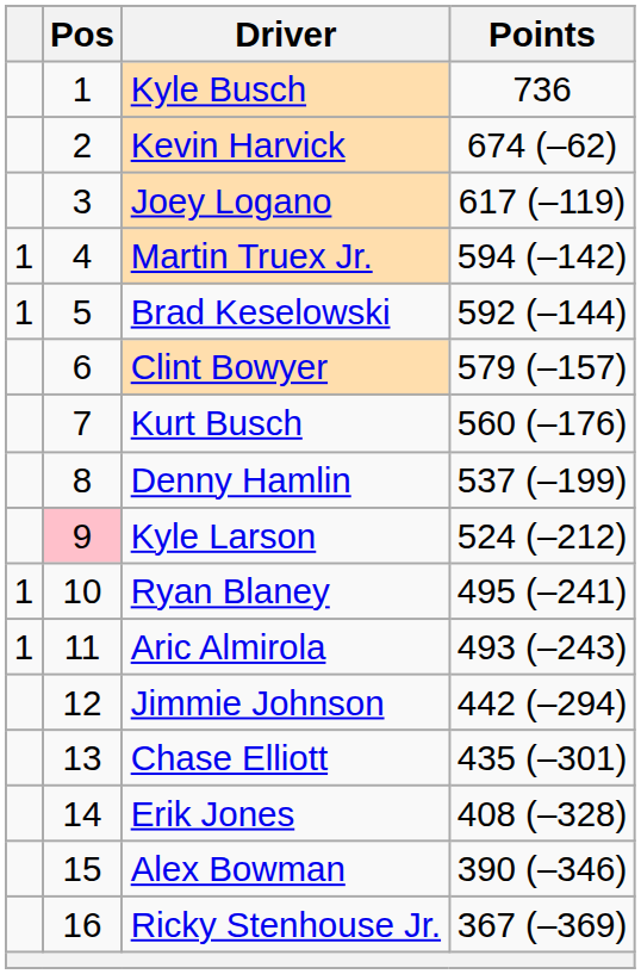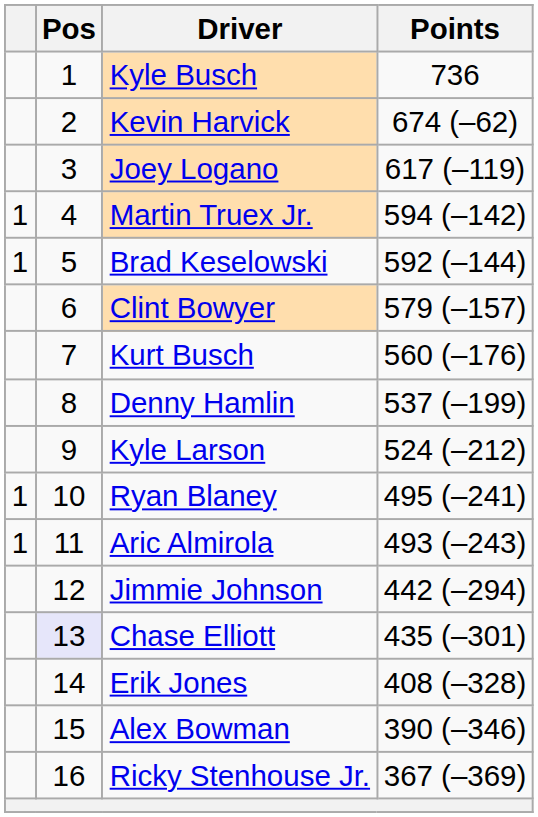 <table class="wikitable" style="font-size: 95%;">
 <tr>
 <th></th>
 <th>Pos</th>
 <th>Driver</th>
 <th>Points</th>
 </tr>
 <tr>
 <td align="left"></td>
 <td style="text-align:center;">1</td>
 <td style="background:#FFDEAD;"><a href='#'>Kyle Busch</a></td>
 <td style="text-align:center;">736</td>
 </tr>
 <tr>
 <td align="left"></td>
 <td style="text-align:center;">2</td>
 <td style="background:#FFDEAD;"><a href='#'>Kevin Harvick</a></td>
 <td style="text-align:center;">674 (–62)</td>
 </tr>
 <tr>
 <td align="left"></td>
 <td style="text-align:center;">3</td>
 <td style="background:#FFDEAD;"><a href='#'>Joey Logano</a></td>
 <td style="text-align:center;">617 (–119)</td>
 </tr>
 <tr>
 <td align="left"> 1</td>
 <td style="text-align:center;">4</td>
 <td style="background:#FFDEAD;"><a href='#'>Martin Truex Jr.</a></td>
 <td style="text-align:center;">594 (–142)</td>
 </tr>
 <tr>
 <td align="left"> 1</td>
 <td style="text-align:center;">5</td>
 <td><a href='#'>Brad Keselowski</a></td>
 <td style="text-align:center;">592 (–144)</td>
 </tr>
 <tr>
 <td align="left"></td>
 <td style="text-align:center;">6</td>
 <td style="background:#FFDEAD;"><a href='#'>Clint Bowyer</a></td>
 <td style="text-align:center;">579 (–157)</td>
 </tr>
 <tr>
 <td align="left"></td>
 <td style="text-align:center;">7</td>
 <td><a href='#'>Kurt Busch</a></td>
 <td style="text-align:center;">560 (–176)</td>
 </tr>
 <tr>
 <td align="left"></td>
 <td style="text-align:center;">8</td>
 <td><a href='#'>Denny Hamlin</a></td>
 <td style="text-align:center;">537 (–199)</td>
 </tr>
 <tr>
 <td align="left"></td>
-<td style="background: pink; text-align:center;">9</td>
+<td style="text-align:center;">9</td>
 <td><a href='#'>Kyle Larson</a></td>
 <td style="text-align:center;">524 (–212)</td>
 </tr>
 <tr>
 <td align="left"> 1</td>
 <td style="text-align:center;">10</td>
 <td><a href='#'>Ryan Blaney</a></td>
 <td style="text-align:center;">495 (–241)</td>
 </tr>
 <tr>
 <td align="left"> 1</td>
 <td style="text-align:center;">11</td>
 <td><a href='#'>Aric Almirola</a></td>
 <td style="text-align:center;">493 (–243)</td>
 </tr>
 <tr>
 <td align="left"></td>
 <td style="text-align:center;">12</td>
 <td><a href='#'>Jimmie Johnson</a></td>
 <td style="text-align:center;">442 (–294)</td>
 </tr>
 <tr>
 <td align="left"></td>
-<td style="text-align:center;">13</td>
+<td style="background: lavender; text-align:center;">13</td>
 <td><a href='#'>Chase Elliott</a></td>
 <td style="text-align:center;">435 (–301)</td>
 </tr>
 <tr>
 <td align="left"></td>
 <td style="text-align:center;">14</td>
 <td><a href='#'>Erik Jones</a></td>
 <td style="text-align:center;">408 (–328)</td>
 </tr>
 <tr>
 <td align="left"></td>
 <td style="text-align:center;">15</td>
 <td><a href='#'>Alex Bowman</a></td>
 <td style="text-align:center;">390 (–346)</td>
 </tr>
 <tr>
 <td align="left"></td>
 <td style="text-align:center;">16</td>
 <td><a href='#'>Ricky Stenhouse Jr.</a></td>
 <td style="text-align:center;">367 (–369)</td>
 </tr>
 <tr class="sortbottom">
 <th colspan="9"></th>
 </tr>
 </table>
